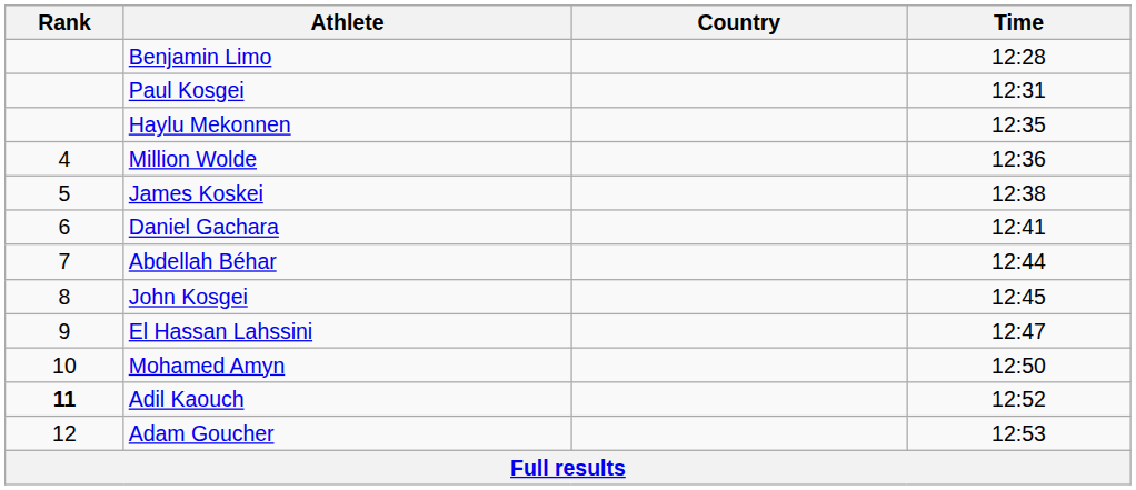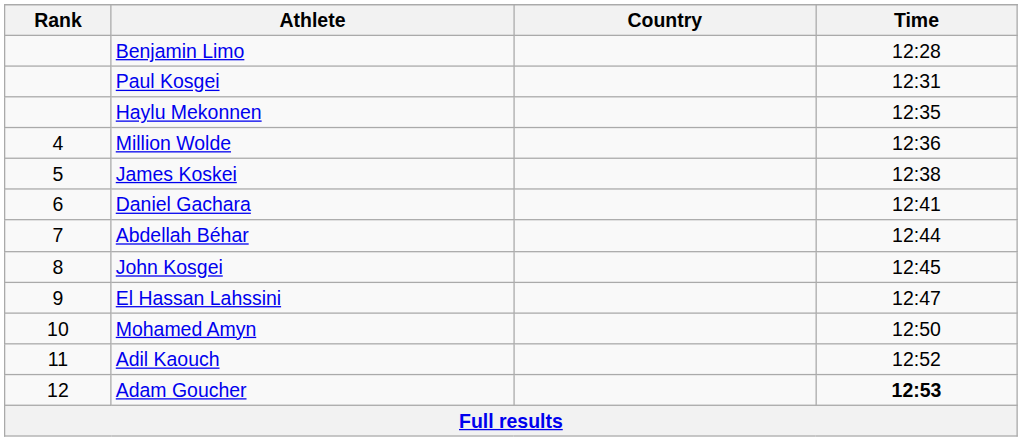 <table class="wikitable sortable" style=" text-align:center; font-size:95%;" width="50%">
 <tr>
 </tr>
 <tr>
 <th width=5%>Rank</th>
 <th width=20%>Athlete</th>
 <th width=15%>Country</th>
 <th width=10%>Time</th>
 </tr>
 <tr>
 <td align=center></td>
 <td align=left><a href='#'>Benjamin Limo</a></td>
 <td align=left></td>
 <td>12:28</td>
 </tr>
 <tr>
 <td align=center></td>
 <td align=left><a href='#'>Paul Kosgei</a></td>
 <td align=left></td>
 <td>12:31</td>
 </tr>
 <tr>
 <td align=center></td>
 <td align=left><a href='#'>Haylu Mekonnen</a></td>
 <td align=left></td>
 <td>12:35</td>
 </tr>
 <tr>
 <td align=center>4</td>
 <td align=left><a href='#'>Million Wolde</a></td>
 <td align=left></td>
 <td>12:36</td>
 </tr>
 <tr>
 <td align=center>5</td>
 <td align=left><a href='#'>James Koskei</a></td>
 <td align=left></td>
 <td>12:38</td>
 </tr>
 <tr>
 <td align=center>6</td>
 <td align=left><a href='#'>Daniel Gachara</a></td>
 <td align=left></td>
 <td>12:41</td>
 </tr>
 <tr>
 <td align=center>7</td>
 <td align=left><a href='#'>Abdellah Béhar</a></td>
 <td align=left></td>
 <td>12:44</td>
 </tr>
 <tr>
 <td align=center>8</td>
 <td align=left><a href='#'>John Kosgei</a></td>
 <td align=left></td>
 <td>12:45</td>
 </tr>
 <tr>
 <td align=center>9</td>
 <td align=left><a href='#'>El Hassan Lahssini</a></td>
 <td align=left></td>
 <td>12:47</td>
 </tr>
 <tr>
 <td align=center>10</td>
 <td align=left><a href='#'>Mohamed Amyn</a></td>
 <td align=left></td>
 <td>12:50</td>
 </tr>
 <tr>
-<td align=center><strong>11</strong></td>
+<td align=center>11</td>
 <td align=left><a href='#'>Adil Kaouch</a></td>
 <td align=left></td>
 <td>12:52</td>
 </tr>
 <tr>
 <td align=center>12</td>
 <td align=left><a href='#'>Adam Goucher</a></td>
 <td align=left></td>
-<td>12:53</td>
+<td><strong>12:53</strong></td>
 </tr>
 <tr class="sortbottom">
 <th colspan=4 align=center><a href='#'>Full results</a></th>
 </tr>
 </table>
